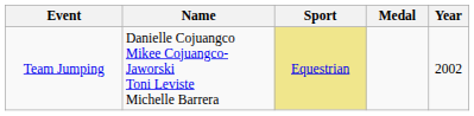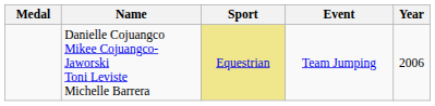 <table class="wikitable"  style="font-size:100%;  text-align:center;">
 <tr>
-<th width="130">Event</th>
+<th width="65">Medal</th>
 <th width="170">Name</th>
 <th width="100">Sport</th>
-<th width="65">Medal</th>
+<th width="130">Event</th>
 <th width="40">Year</th>
 </tr>
 <tr>
-<td><a href='#'>Team Jumping</a></td>
+<td></td>
 <td align=left>Danielle Cojuangco<br><a href='#'>Mikee Cojuangco-Jaworski</a><br><a href='#'>Toni Leviste</a><br>Michelle Barrera</td>
 <td style="background: khaki;"><a href='#'>Equestrian</a></td>
-<td></td>
-<td>2002</td>
+<td><a href='#'>Team Jumping</a></td>
+<td>2006</td>
 </tr>
 </table>
